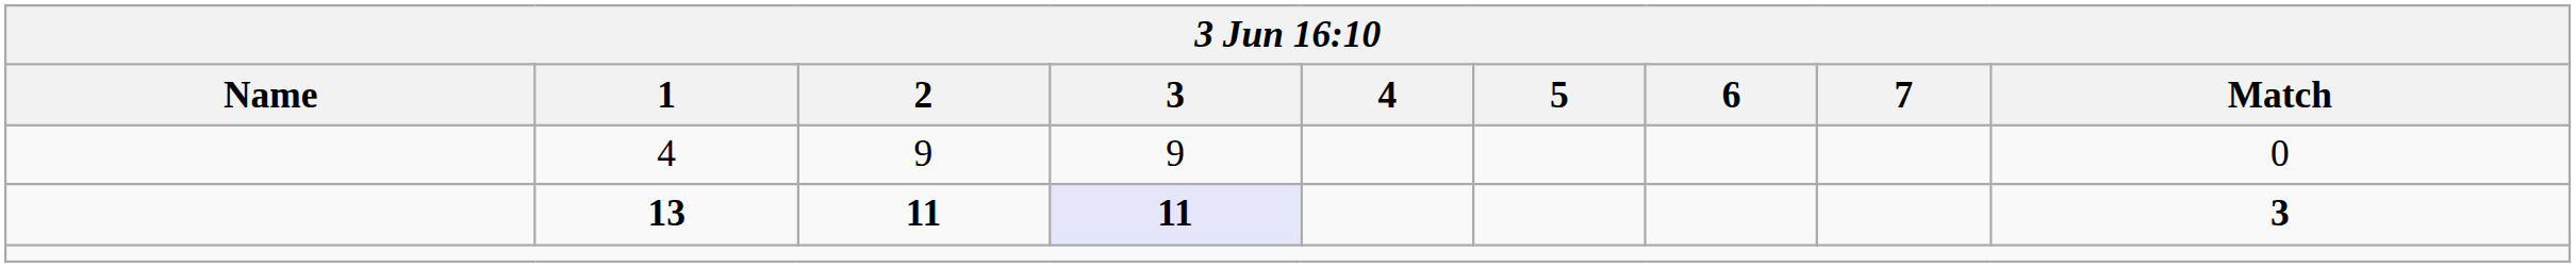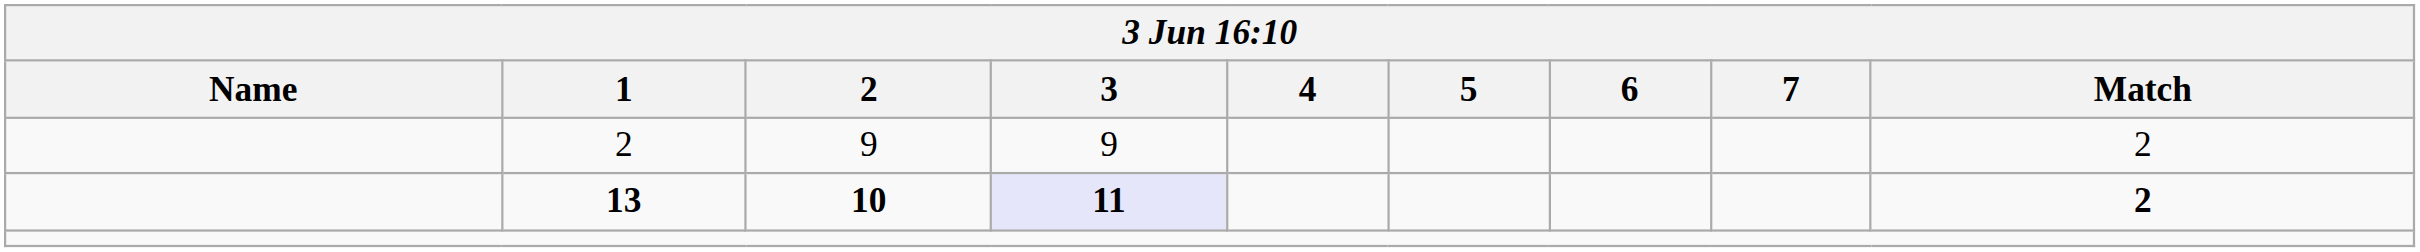 <table class=wikitable style="text-align:center; width: 55%">
 <tr>
 <th colspan=17><em>3 Jun 16:10</em></th>
 </tr>
 <tr>
 <th>Name</th>
 <th>1</th>
 <th>2</th>
 <th>3</th>
 <th>4</th>
 <th>5</th>
 <th>6</th>
 <th>7</th>
 <th>Match</th>
 </tr>
 <tr>
 <td style="text-align:left;"></td>
-<td>4</td>
+<td>2</td>
 <td>9</td>
 <td>9</td>
 <td></td>
 <td></td>
 <td></td>
 <td></td>
-<td>0</td>
+<td>2</td>
 </tr>
 <tr>
 <td style="text-align:left;"><strong></strong></td>
 <td><strong>13</strong></td>
-<td><strong>11</strong></td>
+<td><strong>10</strong></td>
 <td style="background: lavender;"><strong>11</strong></td>
 <td></td>
 <td></td>
 <td></td>
 <td></td>
-<td><strong>3</strong></td>
+<td><strong>2</strong></td>
 </tr>
 <tr>
 <td colspan=17></td>
 </tr>
 </table>
